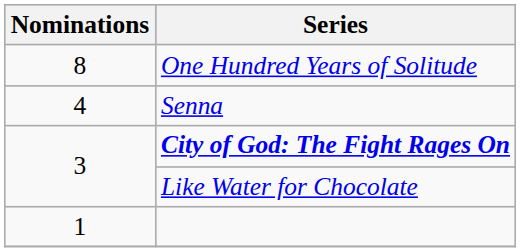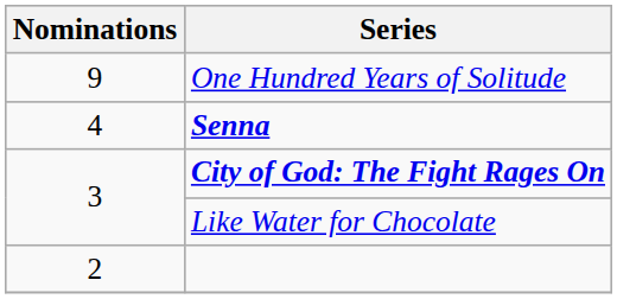 <table class="wikitable">
 <tr>
 <th>Nominations</th>
 <th>Series</th>
 </tr>
 <tr>
-<td align="center">8</td>
+<td align="center">9</td>
 <td><em><a href='#'>One Hundred Years of Solitude</a></em></td>
 </tr>
 <tr>
 <td align="center">4</td>
-<td><em><a href='#'>Senna</a></em></td>
+<td><strong><em><a href='#'>Senna</a></em></strong></td>
 </tr>
 <tr>
 <td align="center" rowspan="2">3</td>
 <td><strong><em><a href='#'>City of God: The Fight Rages On</a></em></strong></td>
 </tr>
 <tr>
 <td><em><a href='#'>Like Water for Chocolate</a></em></td>
 </tr>
 <tr>
-<td align="center">1</td>
+<td align="center">2</td>
 <td><em></em></td>
 </tr>
 <tr>
 </tr>
 </table>
